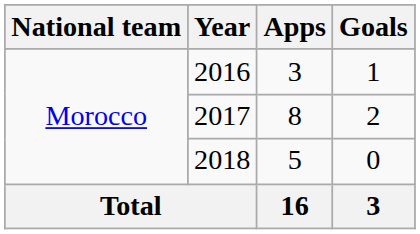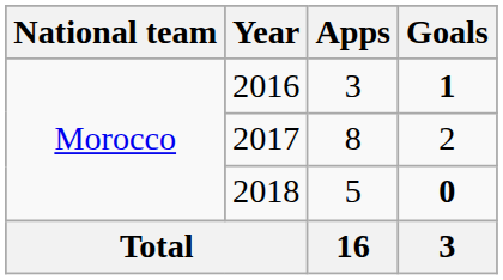 <table class="wikitable" style="text-align:center">
 <tr>
 <th>National team</th>
 <th>Year</th>
 <th>Apps</th>
 <th>Goals</th>
 </tr>
 <tr>
 <td rowspan="3"><a href='#'>Morocco</a></td>
 <td>2016</td>
 <td>3</td>
-<td>1</td>
+<td><strong>1</strong></td>
 </tr>
 <tr>
 <td>2017</td>
 <td>8</td>
 <td>2</td>
 </tr>
 <tr>
 <td>2018</td>
 <td>5</td>
-<td>0</td>
+<td><strong>0</strong></td>
 </tr>
 <tr>
 <th colspan="2">Total</th>
 <th>16</th>
 <th>3</th>
 </tr>
 </table>
